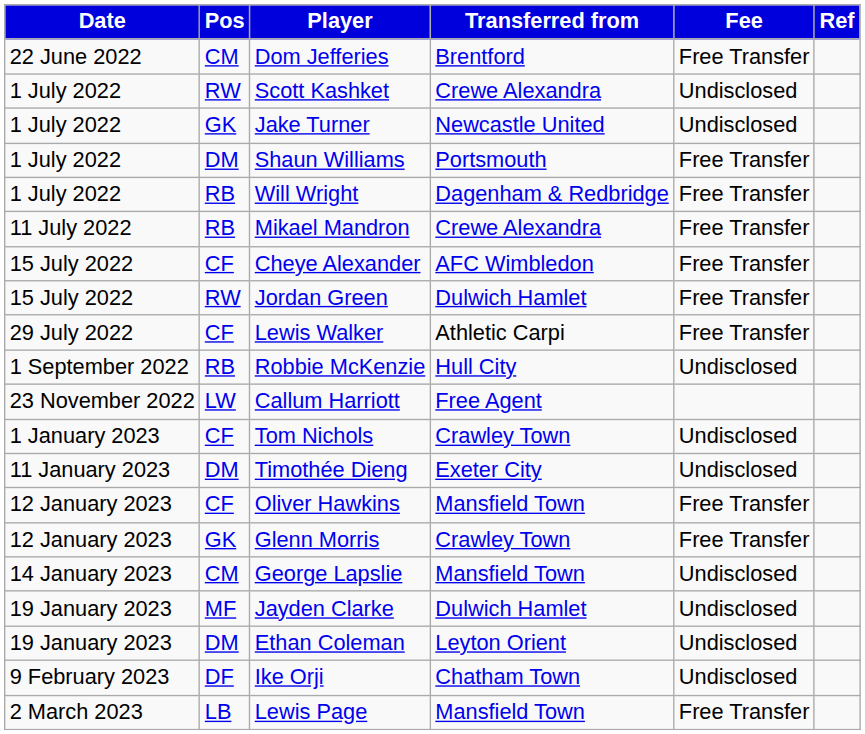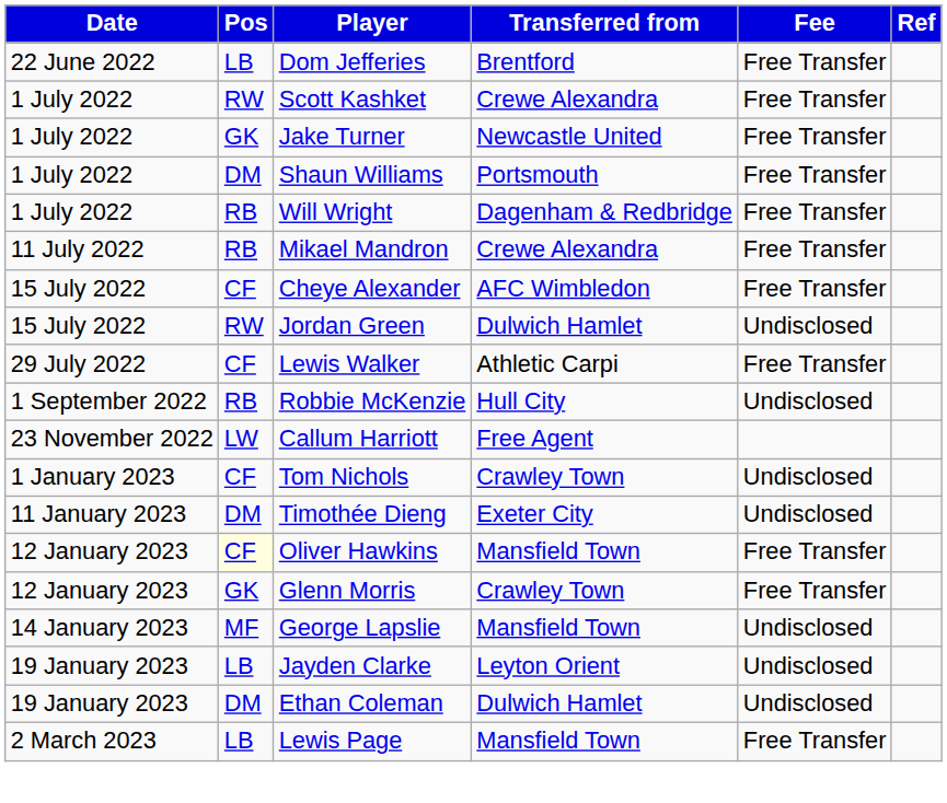 <table class="wikitable plainrowheaders sortable">
 <tr>
 <th style="background:#0000dd; color:#fff; ">Date</th>
 <th style="background:#0000dd; color:#fff; ">Pos</th>
 <th style="background:#0000dd; color:#fff; ">Player</th>
 <th style="background:#0000dd; color:#fff; ">Transferred from</th>
 <th style="background:#0000dd; color:#fff; ">Fee</th>
 <th style="background:#0000dd; color:#fff; ">Ref</th>
 </tr>
 <tr>
 <td>22 June 2022</td>
-<td><a href='#'>CM</a></td>
+<td><a href='#'>LB</a></td>
 <td> <a href='#'>Dom Jefferies</a></td>
 <td> <a href='#'>Brentford</a></td>
 <td>Free Transfer</td>
 <td></td>
 </tr>
 <tr>
 <td>1 July 2022</td>
 <td><a href='#'>RW</a></td>
 <td> <a href='#'>Scott Kashket</a></td>
 <td> <a href='#'>Crewe Alexandra</a></td>
-<td>Undisclosed</td>
+<td>Free Transfer</td>
 <td></td>
 </tr>
 <tr>
 <td>1 July 2022</td>
 <td><a href='#'>GK</a></td>
 <td> <a href='#'>Jake Turner</a></td>
 <td> <a href='#'>Newcastle United</a></td>
-<td>Undisclosed</td>
+<td>Free Transfer</td>
 <td></td>
 </tr>
 <tr>
 <td>1 July 2022</td>
 <td><a href='#'>DM</a></td>
 <td> <a href='#'>Shaun Williams</a></td>
 <td> <a href='#'>Portsmouth</a></td>
 <td>Free Transfer</td>
 <td></td>
 </tr>
 <tr>
 <td>1 July 2022</td>
 <td><a href='#'>RB</a></td>
 <td> <a href='#'>Will Wright</a></td>
 <td> <a href='#'>Dagenham & Redbridge</a></td>
 <td>Free Transfer</td>
 <td></td>
 </tr>
 <tr>
 <td>11 July 2022</td>
 <td><a href='#'>RB</a></td>
 <td> <a href='#'>Mikael Mandron</a></td>
 <td> <a href='#'>Crewe Alexandra</a></td>
 <td>Free Transfer</td>
 <td></td>
 </tr>
 <tr>
 <td>15 July 2022</td>
 <td><a href='#'>CF</a></td>
 <td> <a href='#'>Cheye Alexander</a></td>
 <td> <a href='#'>AFC Wimbledon</a></td>
 <td>Free Transfer</td>
 <td></td>
 </tr>
 <tr>
 <td>15 July 2022</td>
 <td><a href='#'>RW</a></td>
 <td> <a href='#'>Jordan Green</a></td>
 <td> <a href='#'>Dulwich Hamlet</a></td>
-<td>Free Transfer</td>
+<td>Undisclosed</td>
 <td></td>
 </tr>
 <tr>
 <td>29 July 2022</td>
 <td><a href='#'>CF</a></td>
 <td> <a href='#'>Lewis Walker</a></td>
 <td> Athletic Carpi</td>
 <td>Free Transfer</td>
 <td></td>
 </tr>
 <tr>
 <td>1 September 2022</td>
 <td><a href='#'>RB</a></td>
 <td> <a href='#'>Robbie McKenzie</a></td>
 <td> <a href='#'>Hull City</a></td>
 <td>Undisclosed</td>
 <td></td>
 </tr>
 <tr>
 <td>23 November 2022</td>
 <td><a href='#'>LW</a></td>
 <td> <a href='#'>Callum Harriott</a></td>
 <td><a href='#'>Free Agent</a></td>
 <td></td>
 <td></td>
 </tr>
 <tr>
 <td>1 January 2023</td>
 <td><a href='#'>CF</a></td>
 <td> <a href='#'>Tom Nichols</a></td>
 <td> <a href='#'>Crawley Town</a></td>
 <td>Undisclosed</td>
 <td></td>
 </tr>
 <tr>
 <td>11 January 2023</td>
 <td><a href='#'>DM</a></td>
 <td> <a href='#'>Timothée Dieng</a></td>
 <td> <a href='#'>Exeter City</a></td>
 <td>Undisclosed</td>
 <td></td>
 </tr>
 <tr>
 <td>12 January 2023</td>
-<td><a href='#'>CF</a></td>
+<td style="background: lightyellow;"><a href='#'>CF</a></td>
 <td> <a href='#'>Oliver Hawkins</a></td>
 <td> <a href='#'>Mansfield Town</a></td>
 <td>Free Transfer</td>
 <td></td>
 </tr>
 <tr>
 <td>12 January 2023</td>
 <td><a href='#'>GK</a></td>
 <td> <a href='#'>Glenn Morris</a></td>
 <td> <a href='#'>Crawley Town</a></td>
 <td>Free Transfer</td>
 <td></td>
 </tr>
 <tr>
 <td>14 January 2023</td>
-<td><a href='#'>CM</a></td>
+<td><a href='#'>MF</a></td>
 <td> <a href='#'>George Lapslie</a></td>
 <td> <a href='#'>Mansfield Town</a></td>
 <td>Undisclosed</td>
 <td></td>
 </tr>
 <tr>
 <td>19 January 2023</td>
-<td><a href='#'>MF</a></td>
+<td><a href='#'>LB</a></td>
 <td> <a href='#'>Jayden Clarke</a></td>
-<td> <a href='#'>Dulwich Hamlet</a></td>
+<td> <a href='#'>Leyton Orient</a></td>
 <td>Undisclosed</td>
 <td></td>
 </tr>
 <tr>
 <td>19 January 2023</td>
 <td><a href='#'>DM</a></td>
 <td> <a href='#'>Ethan Coleman</a></td>
-<td> <a href='#'>Leyton Orient</a></td>
-<td>Undisclosed</td>
-<td></td>
-</tr>
-<tr>
-<td>9 February 2023</td>
-<td><a href='#'>DF</a></td>
-<td> <a href='#'>Ike Orji</a></td>
-<td> <a href='#'>Chatham Town</a></td>
+<td> <a href='#'>Dulwich Hamlet</a></td>
 <td>Undisclosed</td>
 <td></td>
 </tr>
 <tr>
 <td>2 March 2023</td>
 <td><a href='#'>LB</a></td>
 <td> <a href='#'>Lewis Page</a></td>
 <td> <a href='#'>Mansfield Town</a></td>
 <td>Free Transfer</td>
 <td></td>
 </tr>
 </table>
